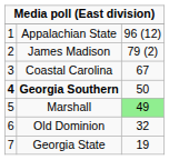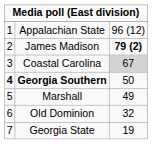 <table class="wikitable" style="display: inline-table;">
 <tr>
 <td align="center" Colspan="3"><strong>Media poll (East division)</strong></td>
 </tr>
 <tr align="center">
 </tr>
 <tr align="center">
 <td>1</td>
 <td>Appalachian State</td>
 <td>96 (12)</td>
 </tr>
 <tr align="center">
 <td>2</td>
 <td>James Madison</td>
-<td>79 (2)</td>
+<td><strong>79 (2)</strong></td>
 </tr>
 <tr align="center">
 <td>3</td>
 <td>Coastal Carolina</td>
-<td>67</td>
+<td style="background: lightgrey;">67</td>
 </tr>
 <tr align="center">
 <td><strong>4</strong></td>
 <td><strong>Georgia Southern</strong></td>
 <td>50</td>
 </tr>
 <tr align="center">
 <td>5</td>
 <td>Marshall</td>
-<td style="background: lightgreen;">49</td>
+<td>49</td>
 </tr>
 <tr align="center">
 <td>6</td>
 <td>Old Dominion</td>
 <td>32</td>
 </tr>
 <tr align="center">
 <td>7</td>
 <td>Georgia State</td>
 <td>19</td>
 </tr>
 </table>
